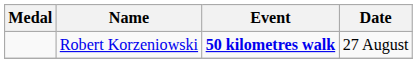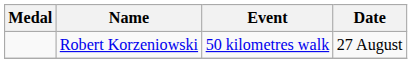 <table class="wikitable" style="font-size:90%">
 <tr>
 <th>Medal</th>
 <th>Name</th>
 <th>Event</th>
 <th>Date</th>
 </tr>
 <tr>
 <td></td>
 <td><a href='#'>Robert Korzeniowski</a></td>
-<td><strong><a href='#'>50 kilometres walk</a></strong></td>
+<td><a href='#'>50 kilometres walk</a></td>
 <td>27 August</td>
 </tr>
 <tr>
 </tr>
 </table>
